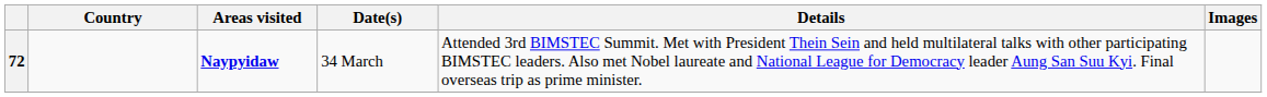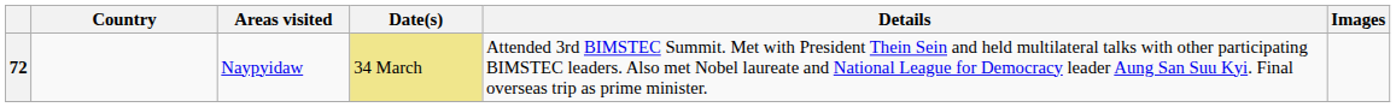 <table class="wikitable outercollapse sortable">
 <tr>
 <th></th>
 <th style="width:10em">Country</th>
 <th style="width:7em">Areas visited</th>
 <th style="width:7em">Date(s)</th>
 <th class="unsortable">Details</th>
 <th class="unsortable">Images</th>
 </tr>
 <tr>
 <th>72</th>
 <td></td>
-<td><strong><a href='#'>Naypyidaw</a></strong></td>
-<td>34 March</td>
+<td><a href='#'>Naypyidaw</a></td>
+<td style="background: khaki;">34 March</td>
 <td>Attended 3rd <a href='#'>BIMSTEC</a> Summit. Met with President <a href='#'>Thein Sein</a> and held multilateral talks with other participating BIMSTEC leaders. Also met Nobel laureate and <a href='#'>National League for Democracy</a> leader <a href='#'>Aung San Suu Kyi</a>. Final overseas trip as prime minister.</td>
 <td></td>
 </tr>
 <tr>
 </tr>
 </table>
